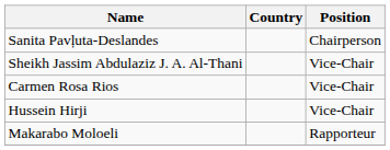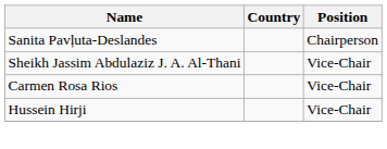 <table class="wikitable" style="display: inline-table;">
 <tr>
 <th>Name</th>
 <th>Country</th>
 <th>Position</th>
 </tr>
 <tr>
 <td>Sanita Pavļuta-Deslandes</td>
 <td></td>
 <td>Chairperson</td>
 </tr>
 <tr>
 <td>Sheikh Jassim Abdulaziz J. A. Al-Thani</td>
 <td></td>
 <td>Vice-Chair</td>
 </tr>
 <tr>
 <td>Carmen Rosa Rios</td>
 <td></td>
 <td>Vice-Chair</td>
 </tr>
 <tr>
 <td>Hussein Hirji</td>
 <td></td>
 <td>Vice-Chair</td>
 </tr>
 <tr>
-<td>Makarabo Moloeli</td>
-<td></td>
-<td>Rapporteur</td>
-</tr>
-<tr>
 </tr>
 </table>
